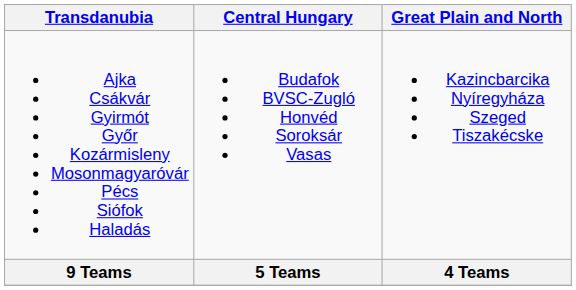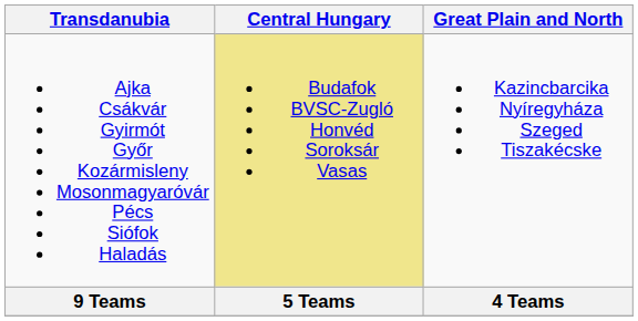 <table class="wikitable" style="clear:right;white-space:nowrap;">
 <tr>
 <th width="33%"><a href='#'>Transdanubia</a></th>
 <th width="33%"><a href='#'>Central Hungary</a></th>
 <th width="33%"><a href='#'>Great Plain and North</a></th>
 </tr>
 <tr align="center" valign="top">
 <td><br><ul><li><a href='#'>Ajka</a></li><li><a href='#'>Csákvár</a></li><li><a href='#'>Gyirmót</a></li><li><a href='#'>Győr</a></li><li><a href='#'>Kozármisleny</a></li><li><a href='#'>Mosonmagyaróvár</a></li><li><a href='#'>Pécs</a></li><li><a href='#'>Siófok</a></li><li><a href='#'>Haladás</a></li></ul></td>
-<td><br><ul><li><a href='#'>Budafok</a></li><li><a href='#'>BVSC-Zugló</a></li><li><a href='#'>Honvéd</a></li><li><a href='#'>Soroksár</a></li><li><a href='#'>Vasas</a></li></ul></td>
+<td style="background: khaki;"><br><ul><li><a href='#'>Budafok</a></li><li><a href='#'>BVSC-Zugló</a></li><li><a href='#'>Honvéd</a></li><li><a href='#'>Soroksár</a></li><li><a href='#'>Vasas</a></li></ul></td>
 <td><br><ul><li><a href='#'>Kazincbarcika</a></li><li><a href='#'>Nyíregyháza</a></li><li><a href='#'>Szeged</a></li><li><a href='#'>Tiszakécske</a></li></ul></td>
 </tr>
 <tr>
 <th>9 Teams</th>
 <th>5 Teams</th>
 <th>4 Teams</th>
 </tr>
 <tr>
 </tr>
 </table>
